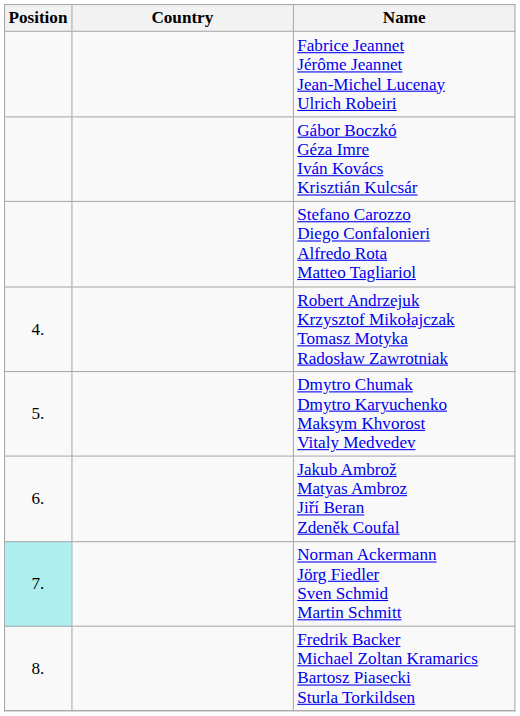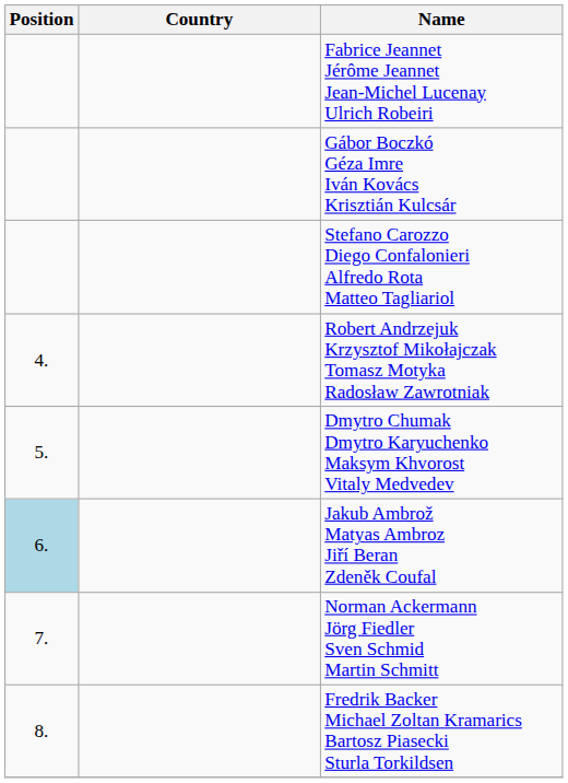 <table class="wikitable">
 <tr>
 <th width="10">Position</th>
 <th width="200">Country</th>
 <th width="200">Name</th>
 </tr>
 <tr>
 <td align="center"></td>
 <td></td>
 <td><a href='#'>Fabrice Jeannet</a><br><a href='#'>Jérôme Jeannet</a> <br><a href='#'>Jean-Michel Lucenay</a><br><a href='#'>Ulrich Robeiri</a></td>
 </tr>
 <tr>
 <td align="center"></td>
 <td></td>
 <td><a href='#'>Gábor Boczkó</a>  <br><a href='#'>Géza Imre</a><br><a href='#'>Iván Kovács</a><br><a href='#'>Krisztián Kulcsár</a></td>
 </tr>
 <tr>
 <td align="center"></td>
 <td></td>
 <td><a href='#'>Stefano Carozzo</a><br><a href='#'>Diego Confalonieri</a> <br><a href='#'>Alfredo Rota</a><br><a href='#'>Matteo Tagliariol</a></td>
 </tr>
 <tr>
 <td align="center">4.</td>
 <td></td>
 <td><a href='#'>Robert Andrzejuk</a><br><a href='#'>Krzysztof Mikołajczak</a><br><a href='#'>Tomasz Motyka</a><br><a href='#'>Radosław Zawrotniak</a></td>
 </tr>
 <tr>
 <td align="center">5.</td>
 <td></td>
 <td><a href='#'>Dmytro Chumak</a><br><a href='#'>Dmytro Karyuchenko</a> <br><a href='#'>Maksym Khvorost</a><br> <a href='#'>Vitaly Medvedev</a></td>
 </tr>
 <tr>
-<td align="center">6.</td>
+<td align="center" style="background: lightblue;">6.</td>
 <td></td>
 <td><a href='#'>Jakub Ambrož</a><br><a href='#'>Matyas Ambroz</a><br><a href='#'>Jiří Beran</a><br> <a href='#'>Zdeněk Coufal</a></td>
 </tr>
 <tr>
-<td align="center" style="background: paleturquoise;">7.</td>
+<td align="center">7.</td>
 <td></td>
 <td><a href='#'>Norman Ackermann</a><br><a href='#'>Jörg Fiedler</a><br><a href='#'>Sven Schmid</a><br><a href='#'>Martin Schmitt</a></td>
 </tr>
 <tr>
 <td align="center">8.</td>
 <td></td>
 <td><a href='#'>Fredrik Backer</a><br><a href='#'>Michael Zoltan Kramarics</a> <br> <a href='#'>Bartosz Piasecki</a><br><a href='#'>Sturla Torkildsen</a></td>
 </tr>
 <tr>
 </tr>
 </table>
